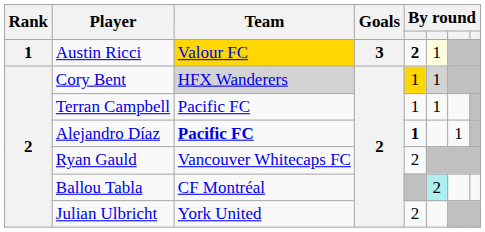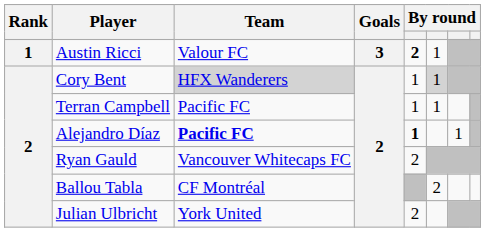 <table class="wikitable" style="text-align:center">
 <tr>
 <th rowspan="2">Rank</th>
 <th rowspan="2">Player</th>
 <th rowspan="2">Team</th>
 <th rowspan="2">Goals</th>
 <th colspan="10">By round</th>
 </tr>
 <tr>
 <th></th>
 <th></th>
 <th></th>
 <th></th>
 </tr>
 <tr>
 <th rowspan="1">1</th>
 <td align="left"> <a href='#'>Austin Ricci</a></td>
-<td align="left" style="background: gold;"><a href='#'>Valour FC</a></td>
+<td align="left"><a href='#'>Valour FC</a></td>
 <th rowspan="1">3</th>
 <td><strong>2</strong></td>
-<td style="background: lightyellow;">1</td>
+<td>1</td>
 <td bgcolor="silver" colspan=2></td>
 </tr>
 <tr>
 <th rowspan="6">2</th>
 <td align="left"> <a href='#'>Cory Bent</a></td>
 <td align="left" style="background: lightgrey;"><a href='#'>HFX Wanderers</a></td>
 <th rowspan="6">2</th>
-<td style="background: gold;">1</td>
+<td>1</td>
 <td style="background: lightgrey;">1</td>
 <td bgcolor="silver" colspan=2></td>
 </tr>
 <tr>
 <td align="left"> <a href='#'>Terran Campbell</a></td>
 <td align="left"><a href='#'>Pacific FC</a></td>
 <td>1</td>
 <td>1</td>
 <td></td>
 <td bgcolor="silver" colspan=1></td>
 </tr>
 <tr>
 <td align="left"> <a href='#'>Alejandro Díaz</a></td>
 <td align="left"><strong><a href='#'>Pacific FC</a></strong></td>
 <td><strong>1</strong></td>
 <td></td>
 <td>1</td>
 <td bgcolor="silver" colspan=1></td>
 </tr>
 <tr>
 <td align="left"> <a href='#'>Ryan Gauld</a></td>
 <td align="left"><a href='#'>Vancouver Whitecaps FC</a></td>
 <td>2</td>
 <td bgcolor="silver" colspan=3></td>
 </tr>
 <tr>
 <td align="left"> <a href='#'>Ballou Tabla</a></td>
 <td align="left"><a href='#'>CF Montréal</a></td>
 <td bgcolor="silver"></td>
-<td style="background: paleturquoise;">2</td>
+<td>2</td>
 <td></td>
 <td></td>
 </tr>
 <tr>
 <td align="left"> <a href='#'>Julian Ulbricht</a></td>
 <td align="left"><a href='#'>York United</a></td>
 <td>2</td>
 <td></td>
 <td bgcolor="silver" colspan=2></td>
 </tr>
 </table>
